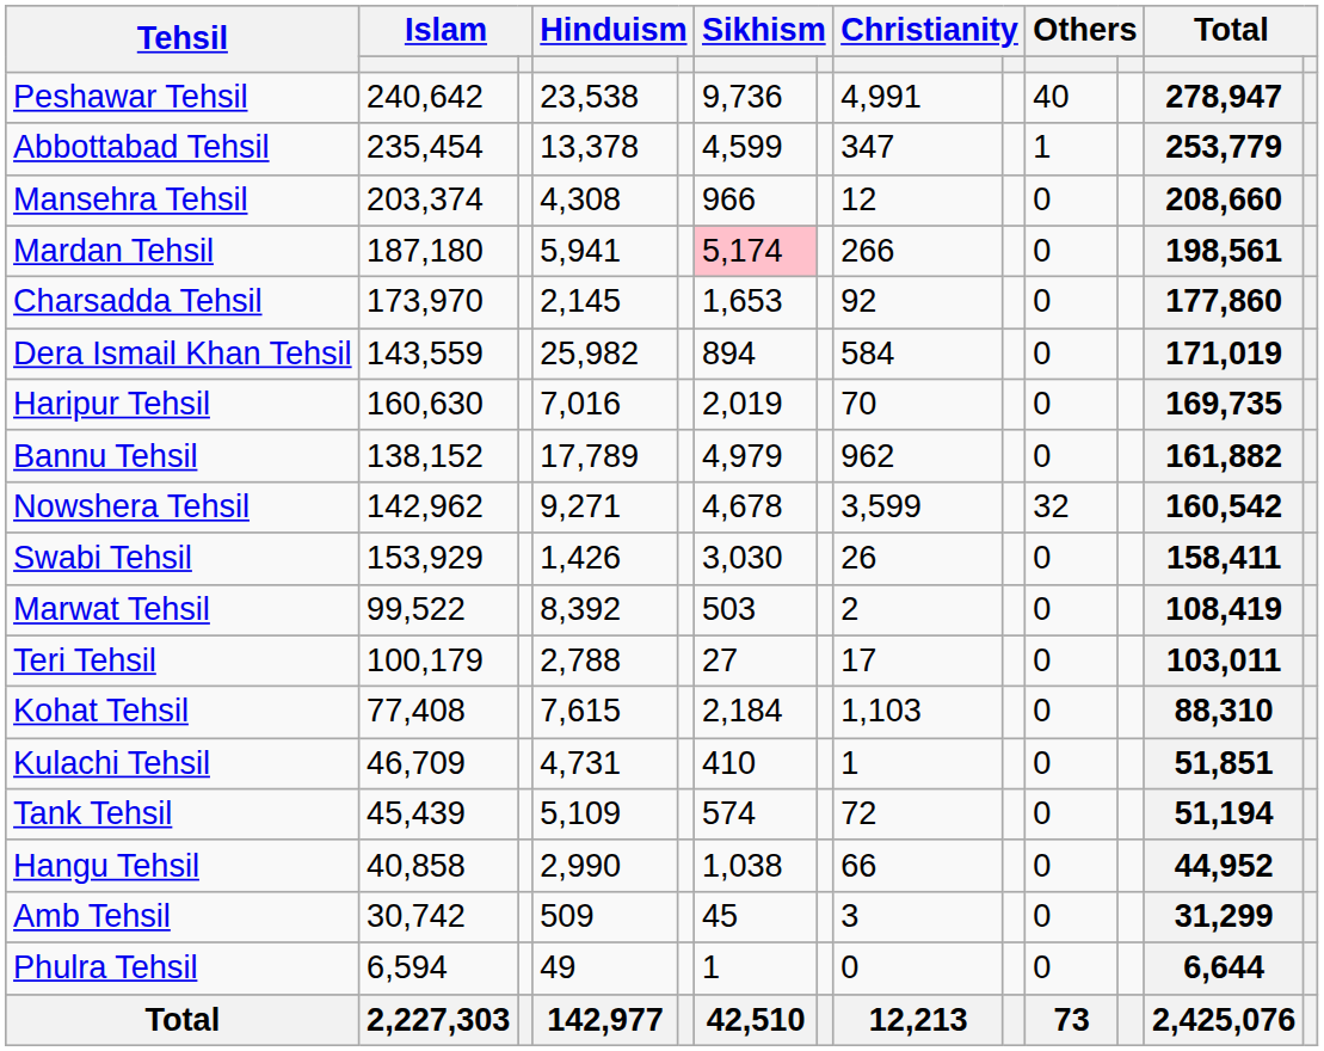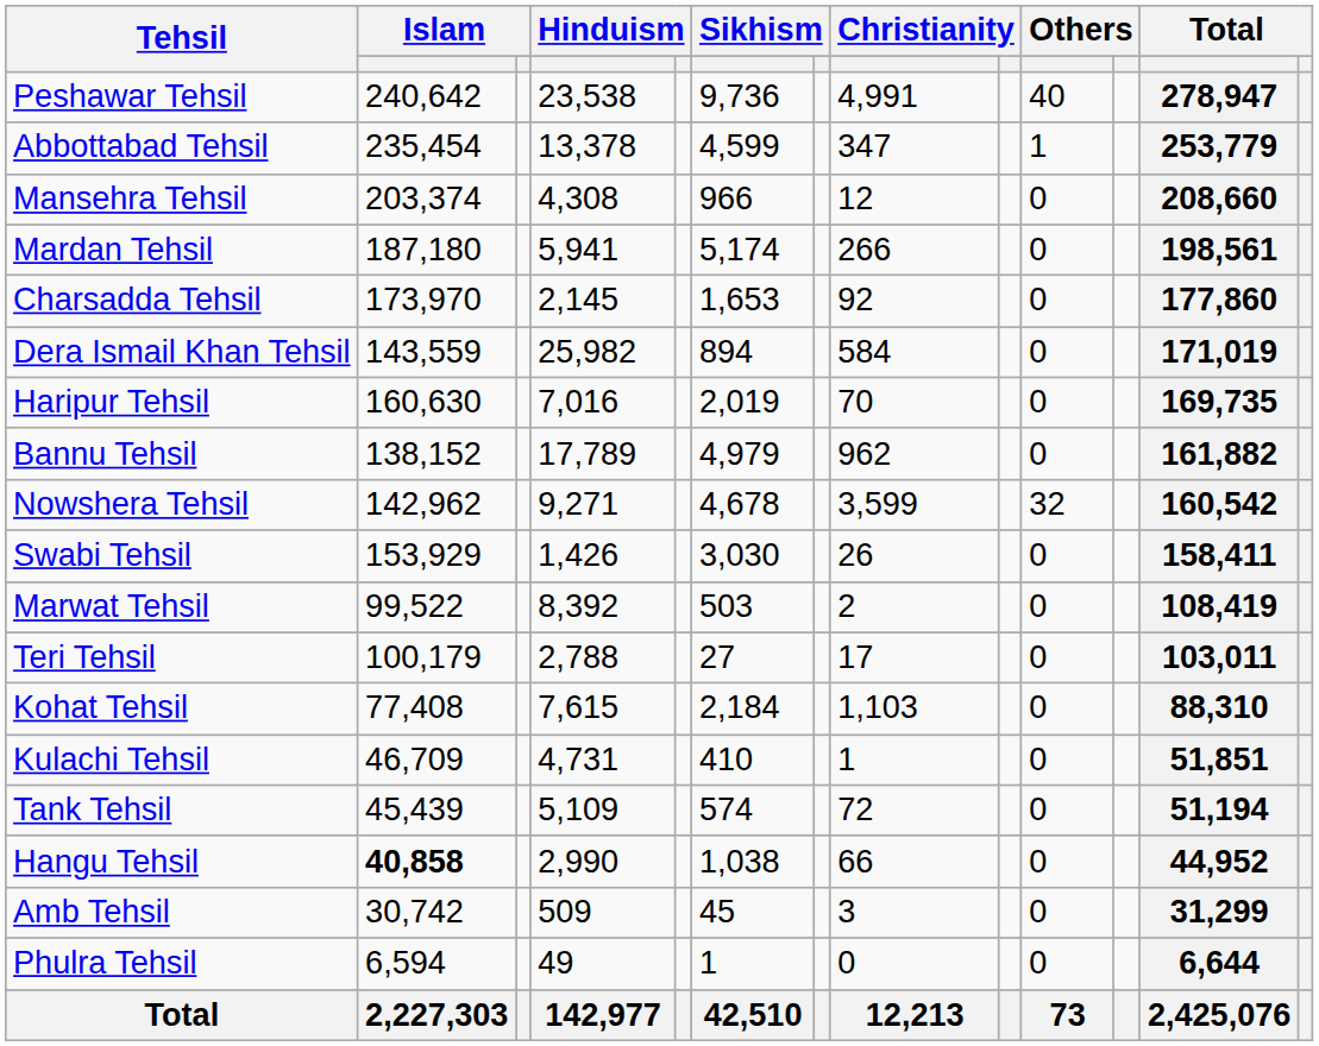 <table class="wikitable sortable">
 <tr>
 <th rowspan="2"><a href='#'>Tehsil</a></th>
 <th colspan="2"><a href='#'>Islam</a> </th>
 <th colspan="2"><a href='#'>Hinduism</a> </th>
 <th colspan="2"><a href='#'>Sikhism</a> </th>
 <th colspan="2"><a href='#'>Christianity</a> </th>
 <th colspan="2">Others</th>
 <th colspan="2">Total</th>
 </tr>
 <tr>
 <th><a href='#'></a></th>
 <th></th>
 <th></th>
 <th></th>
 <th></th>
 <th></th>
 <th></th>
 <th></th>
 <th></th>
 <th></th>
 <th></th>
 <th></th>
 </tr>
 <tr>
 <td><a href='#'>Peshawar Tehsil</a></td>
 <td>240,642</td>
 <td></td>
 <td>23,538</td>
 <td></td>
 <td>9,736</td>
 <td></td>
 <td>4,991</td>
 <td></td>
 <td>40</td>
 <td></td>
 <th>278,947</th>
 <th></th>
 </tr>
 <tr>
 <td><a href='#'>Abbottabad Tehsil</a></td>
 <td>235,454</td>
 <td></td>
 <td>13,378</td>
 <td></td>
 <td>4,599</td>
 <td></td>
 <td>347</td>
 <td></td>
 <td>1</td>
 <td></td>
 <th>253,779</th>
 <th></th>
 </tr>
 <tr>
 <td><a href='#'>Mansehra Tehsil</a></td>
 <td>203,374</td>
 <td></td>
 <td>4,308</td>
 <td></td>
 <td>966</td>
 <td></td>
 <td>12</td>
 <td></td>
 <td>0</td>
 <td></td>
 <th>208,660</th>
 <th></th>
 </tr>
 <tr>
 <td><a href='#'>Mardan Tehsil</a></td>
 <td>187,180</td>
 <td></td>
 <td>5,941</td>
 <td></td>
-<td style="background: pink;">5,174</td>
+<td>5,174</td>
 <td></td>
 <td>266</td>
 <td></td>
 <td>0</td>
 <td></td>
 <th>198,561</th>
 <th></th>
 </tr>
 <tr>
 <td><a href='#'>Charsadda Tehsil</a></td>
 <td>173,970</td>
 <td></td>
 <td>2,145</td>
 <td></td>
 <td>1,653</td>
 <td></td>
 <td>92</td>
 <td></td>
 <td>0</td>
 <td></td>
 <th>177,860</th>
 <th></th>
 </tr>
 <tr>
 <td><a href='#'>Dera Ismail Khan Tehsil</a></td>
 <td>143,559</td>
 <td></td>
 <td>25,982</td>
 <td></td>
 <td>894</td>
 <td></td>
 <td>584</td>
 <td></td>
 <td>0</td>
 <td></td>
 <th>171,019</th>
 <th></th>
 </tr>
 <tr>
 <td><a href='#'>Haripur Tehsil</a></td>
 <td>160,630</td>
 <td></td>
 <td>7,016</td>
 <td></td>
 <td>2,019</td>
 <td></td>
 <td>70</td>
 <td></td>
 <td>0</td>
 <td></td>
 <th>169,735</th>
 <th></th>
 </tr>
 <tr>
 <td><a href='#'>Bannu Tehsil</a></td>
 <td>138,152</td>
 <td></td>
 <td>17,789</td>
 <td></td>
 <td>4,979</td>
 <td></td>
 <td>962</td>
 <td></td>
 <td>0</td>
 <td></td>
 <th>161,882</th>
 <th></th>
 </tr>
 <tr>
 <td><a href='#'>Nowshera Tehsil</a></td>
 <td>142,962</td>
 <td></td>
 <td>9,271</td>
 <td></td>
 <td>4,678</td>
 <td></td>
 <td>3,599</td>
 <td></td>
 <td>32</td>
 <td></td>
 <th>160,542</th>
 <th></th>
 </tr>
 <tr>
 <td><a href='#'>Swabi Tehsil</a></td>
 <td>153,929</td>
 <td></td>
 <td>1,426</td>
 <td></td>
 <td>3,030</td>
 <td></td>
 <td>26</td>
 <td></td>
 <td>0</td>
 <td></td>
 <th>158,411</th>
 <th></th>
 </tr>
 <tr>
 <td><a href='#'>Marwat Tehsil</a></td>
 <td>99,522</td>
 <td></td>
 <td>8,392</td>
 <td></td>
 <td>503</td>
 <td></td>
 <td>2</td>
 <td></td>
 <td>0</td>
 <td></td>
 <th>108,419</th>
 <th></th>
 </tr>
 <tr>
 <td><a href='#'>Teri Tehsil</a></td>
 <td>100,179</td>
 <td></td>
 <td>2,788</td>
 <td></td>
 <td>27</td>
 <td></td>
 <td>17</td>
 <td></td>
 <td>0</td>
 <td></td>
 <th>103,011</th>
 <th></th>
 </tr>
 <tr>
 <td><a href='#'>Kohat Tehsil</a></td>
 <td>77,408</td>
 <td></td>
 <td>7,615</td>
 <td></td>
 <td>2,184</td>
 <td></td>
 <td>1,103</td>
 <td></td>
 <td>0</td>
 <td></td>
 <th>88,310</th>
 <th></th>
 </tr>
 <tr>
 <td><a href='#'>Kulachi Tehsil</a></td>
 <td>46,709</td>
 <td></td>
 <td>4,731</td>
 <td></td>
 <td>410</td>
 <td></td>
 <td>1</td>
 <td></td>
 <td>0</td>
 <td></td>
 <th>51,851</th>
 <th></th>
 </tr>
 <tr>
 <td><a href='#'>Tank Tehsil</a></td>
 <td>45,439</td>
 <td></td>
 <td>5,109</td>
 <td></td>
 <td>574</td>
 <td></td>
 <td>72</td>
 <td></td>
 <td>0</td>
 <td></td>
 <th>51,194</th>
 <th></th>
 </tr>
 <tr>
 <td><a href='#'>Hangu Tehsil</a></td>
-<td>40,858</td>
+<td><strong>40,858</strong></td>
 <td></td>
 <td>2,990</td>
 <td></td>
 <td>1,038</td>
 <td></td>
 <td>66</td>
 <td></td>
 <td>0</td>
 <td></td>
 <th>44,952</th>
 <th></th>
 </tr>
 <tr>
 <td><a href='#'>Amb Tehsil</a></td>
 <td>30,742</td>
 <td></td>
 <td>509</td>
 <td></td>
 <td>45</td>
 <td></td>
 <td>3</td>
 <td></td>
 <td>0</td>
 <td></td>
 <th>31,299</th>
 <th></th>
 </tr>
 <tr>
 <td><a href='#'>Phulra Tehsil</a></td>
 <td>6,594</td>
 <td></td>
 <td>49</td>
 <td></td>
 <td>1</td>
 <td></td>
 <td>0</td>
 <td></td>
 <td>0</td>
 <td></td>
 <th>6,644</th>
 <th></th>
 </tr>
 <tr>
 <th>Total</th>
 <th>2,227,303</th>
 <th></th>
 <th>142,977</th>
 <th></th>
 <th>42,510</th>
 <th></th>
 <th>12,213</th>
 <th></th>
 <th>73</th>
 <th></th>
 <th>2,425,076</th>
 <th></th>
 </tr>
 </table>
